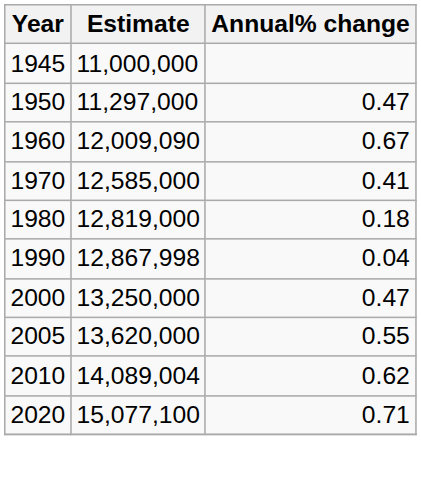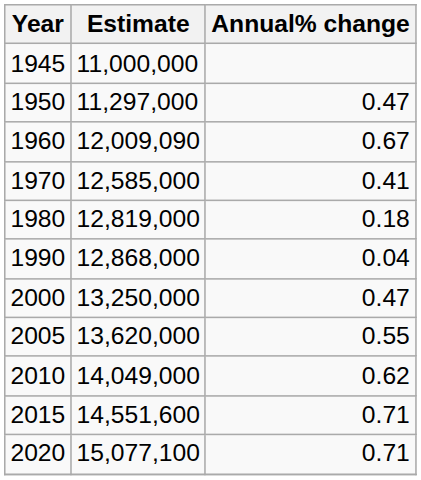 <table class="wikitable sortable">
 <tr>
 <th>Year</th>
 <th>Estimate</th>
 <th data-sort-type="number">Annual% change</th>
 </tr>
 <tr>
 <td>1945</td>
 <td>11,000,000</td>
 <td style="text-align:right"></td>
 </tr>
 <tr>
 <td>1950</td>
 <td>11,297,000</td>
 <td style="text-align:right">0.47</td>
 </tr>
 <tr>
 <td>1960</td>
 <td>12,009,090</td>
 <td style="text-align:right">0.67</td>
 </tr>
 <tr>
 <td>1970</td>
 <td>12,585,000</td>
 <td style="text-align:right">0.41</td>
 </tr>
 <tr>
 <td>1980</td>
 <td>12,819,000</td>
 <td style="text-align:right">0.18</td>
 </tr>
 <tr>
 <td>1990</td>
-<td>12,867,998</td>
+<td>12,868,000</td>
 <td style="text-align:right">0.04</td>
 </tr>
 <tr>
 <td>2000</td>
 <td>13,250,000</td>
 <td style="text-align:right">0.47</td>
 </tr>
 <tr>
 <td>2005</td>
 <td>13,620,000</td>
 <td style="text-align:right">0.55</td>
 </tr>
 <tr>
 <td>2010</td>
-<td>14,089,004</td>
+<td>14,049,000</td>
 <td style="text-align:right">0.62</td>
+</tr>
+<tr>
+<td>2015</td>
+<td>14,551,600</td>
+<td style="text-align:right">0.71</td>
 </tr>
 <tr>
 <td>2020</td>
 <td>15,077,100</td>
 <td style="text-align:right">0.71</td>
 </tr>
 <tr>
 </tr>
 </table>
